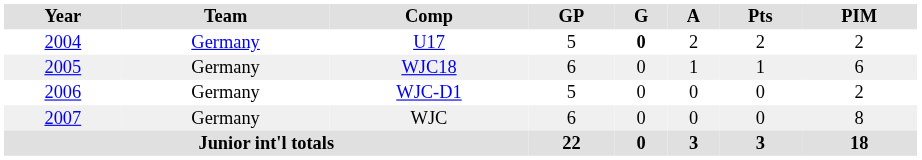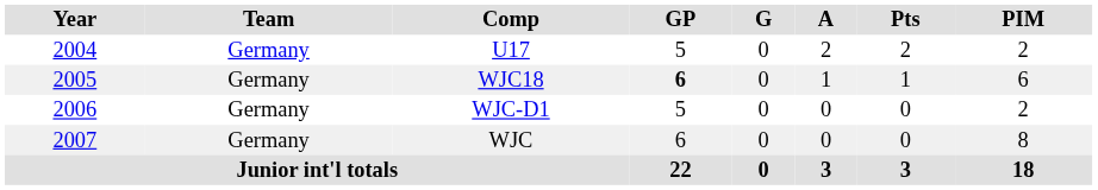 <table BORDER="0" CELLPADDING="2" CELLSPACING="0" width=40%>
 <tr ALIGN="center" bgcolor="#e0e0e0">
 <th>Year</th>
 <th>Team</th>
 <th>Comp</th>
 <th>GP</th>
 <th>G</th>
 <th>A</th>
 <th>Pts</th>
 <th>PIM</th>
 </tr>
 <tr ALIGN="center">
 <td><a href='#'>2004</a></td>
 <td><a href='#'>Germany</a></td>
 <td><a href='#'>U17</a></td>
 <td>5</td>
-<td><strong>0</strong></td>
+<td>0</td>
 <td>2</td>
 <td>2</td>
 <td>2</td>
 </tr>
 <tr ALIGN="center" bgcolor="#f0f0f0">
 <td><a href='#'>2005</a></td>
 <td>Germany</td>
 <td><a href='#'>WJC18</a></td>
-<td>6</td>
+<td><strong>6</strong></td>
 <td>0</td>
 <td>1</td>
 <td>1</td>
 <td>6</td>
 </tr>
 <tr ALIGN="center">
 <td><a href='#'>2006</a></td>
 <td>Germany</td>
 <td><a href='#'>WJC-D1</a></td>
 <td>5</td>
 <td>0</td>
 <td>0</td>
 <td>0</td>
 <td>2</td>
 </tr>
 <tr ALIGN="center" bgcolor="#f0f0f0">
 <td><a href='#'>2007</a></td>
 <td>Germany</td>
 <td>WJC</td>
 <td>6</td>
 <td>0</td>
 <td>0</td>
 <td>0</td>
 <td>8</td>
 </tr>
 <tr bgcolor="#e0e0e0">
 <th colspan="3">Junior int'l totals</th>
 <th>22</th>
 <th>0</th>
 <th>3</th>
 <th>3</th>
 <th>18</th>
 </tr>
 </table>
